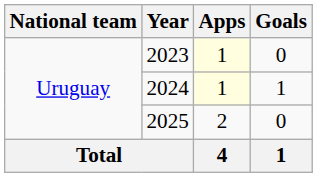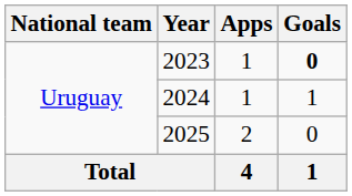 <table class="wikitable" style="text-align:center">
 <tr>
 <th>National team</th>
 <th>Year</th>
 <th>Apps</th>
 <th>Goals</th>
 </tr>
 <tr>
 <td rowspan=3><a href='#'>Uruguay</a></td>
 <td>2023</td>
-<td style="background: lightyellow;">1</td>
-<td>0</td>
+<td>1</td>
+<td><strong>0</strong></td>
 </tr>
 <tr>
 <td>2024</td>
-<td style="background: lightyellow;">1</td>
+<td>1</td>
 <td>1</td>
 </tr>
 <tr>
 <td>2025</td>
 <td>2</td>
 <td>0</td>
 </tr>
 <tr>
 <th colspan=2>Total</th>
 <th>4</th>
 <th>1</th>
 </tr>
 </table>
